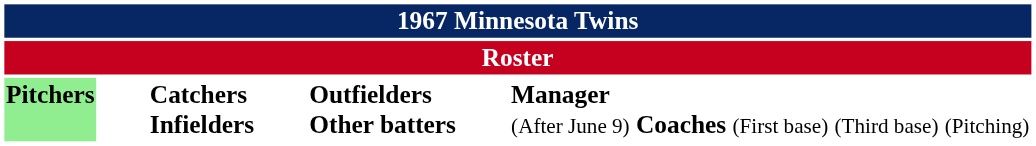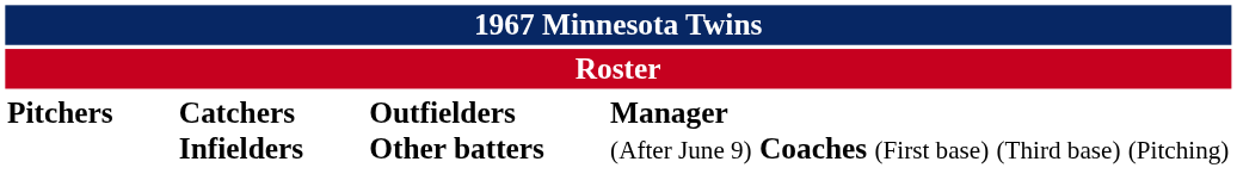 <table class="toccolours" style="font-size: 95%;">
 <tr>
 <th colspan="10" style="background-color: #072764; color: white; text-align: center;">1967 Minnesota Twins</th>
 </tr>
 <tr>
 <td colspan="10" style="background-color: #c6011f; color: white; text-align: center;"><strong>Roster</strong></td>
 </tr>
 <tr>
-<td valign="top" style="background: lightgreen;"><strong>Pitchers</strong><br>           </td>
+<td valign="top"><strong>Pitchers</strong><br>           </td>
 <td width="25px"></td>
 <td valign="top"><strong>Catchers</strong><br>    <strong>Infielders</strong>        </td>
 <td width="25px"></td>
 <td valign="top"><strong>Outfielders</strong><br>         <strong>Other batters</strong>  </td>
 <td width="25px"></td>
 <td valign="top"><strong>Manager</strong><br>  <small>(After June 9)</small> <strong>Coaches</strong>  <small>(First base)</small>  <small>(Third base)</small>  <small>(Pitching)</small></td>
 </tr>
 <tr>
 </tr>
 </table>
